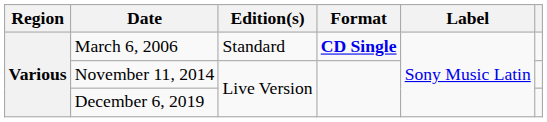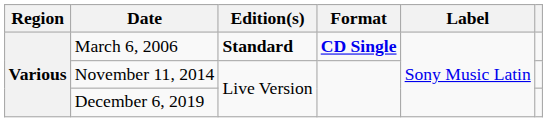 <table class="wikitable plainrowheaders">
 <tr>
 <th scope="col">Region</th>
 <th scope="col">Date</th>
 <th scope="col">Edition(s)</th>
 <th scope="col">Format</th>
 <th scope="col">Label</th>
 <th scope="col"></th>
 </tr>
 <tr>
 <th rowspan="3" scope="row">Various</th>
 <td>March 6, 2006</td>
-<td>Standard</td>
+<td><strong>Standard</strong></td>
 <td><strong><a href='#'>CD Single</a></strong></td>
 <td rowspan="3"><a href='#'>Sony Music Latin</a></td>
 <td></td>
 </tr>
 <tr>
 <td>November 11, 2014</td>
 <td rowspan="2">Live Version</td>
 <td rowspan="2"></td>
 <td></td>
 </tr>
 <tr>
 <td>December 6, 2019</td>
 <td></td>
 </tr>
 </table>
